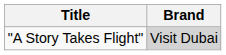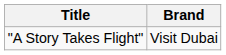 <table class="wikitable">
 <tr>
 <th>Title</th>
 <th>Brand</th>
 </tr>
 <tr>
 <td>"A Story Takes Flight"</td>
-<td style="background: lightgrey;">Visit Dubai</td>
+<td>Visit Dubai</td>
 </tr>
 </table>
